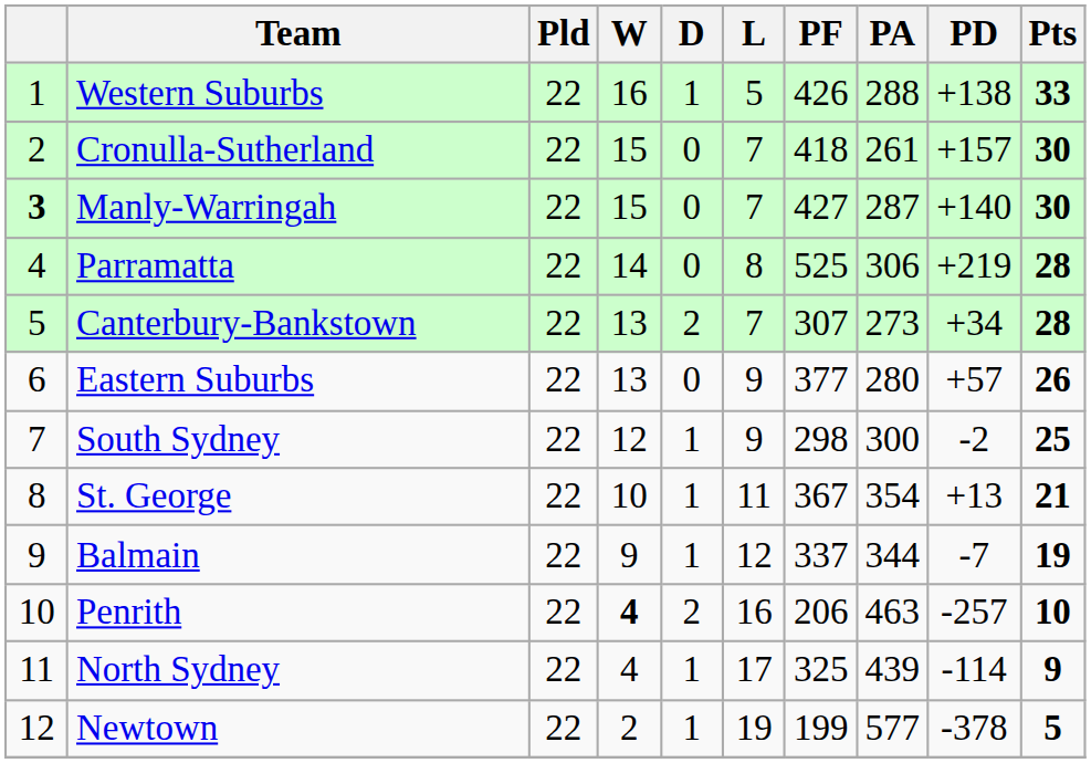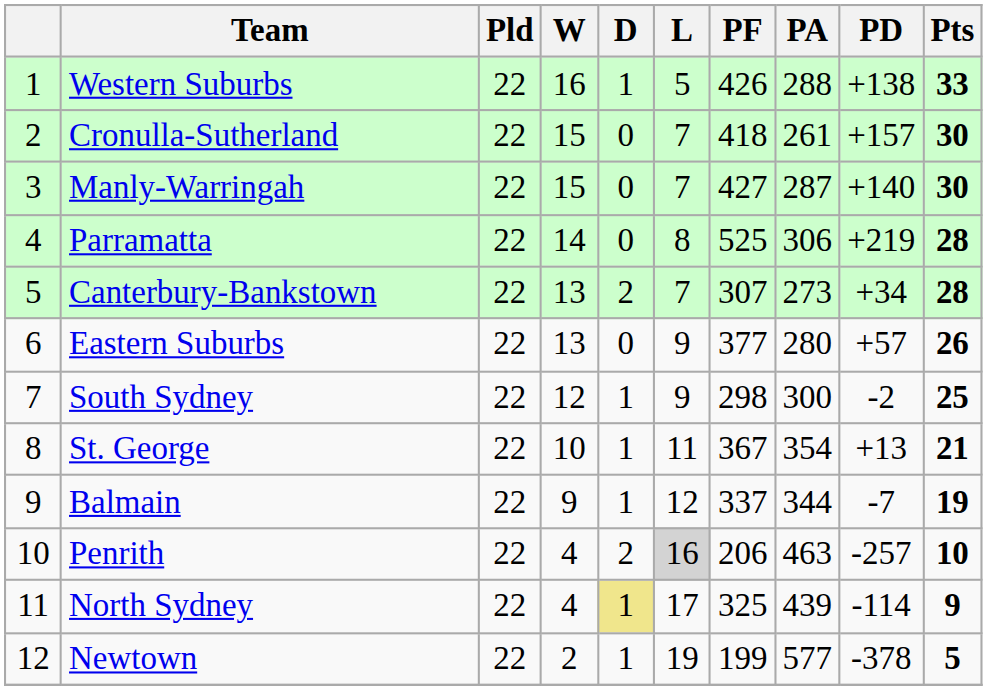 <table class="wikitable" style="text-align:center;">
 <tr>
 <th width=20 abbr="Position×"></th>
 <th width=195>Team</th>
 <th width=20 abbr="Played">Pld</th>
 <th width=20 abbr="Won">W</th>
 <th width=20 abbr="Drawn">D</th>
 <th width=20 abbr="Lost">L</th>
 <th width=20 abbr="Points for">PF</th>
 <th width=20 abbr="Points against">PA</th>
 <th width=20 abbr="Points difference">PD</th>
 <th width=20 abbr="Points">Pts</th>
 </tr>
 <tr style="background: #ccffcc;">
 <td>1</td>
 <td style="text-align:left;"> <a href='#'>Western Suburbs</a></td>
 <td>22</td>
 <td>16</td>
 <td>1</td>
 <td>5</td>
 <td>426</td>
 <td>288</td>
 <td>+138</td>
 <td><strong>33</strong></td>
 </tr>
 <tr style="background: #ccffcc;">
 <td>2</td>
 <td style="text-align:left;"> <a href='#'>Cronulla-Sutherland</a></td>
 <td>22</td>
 <td>15</td>
 <td>0</td>
 <td>7</td>
 <td>418</td>
 <td>261</td>
 <td>+157</td>
 <td><strong>30</strong></td>
 </tr>
 <tr style="background: #ccffcc;">
-<td><strong>3</strong></td>
+<td>3</td>
 <td style="text-align:left;"> <a href='#'>Manly-Warringah</a></td>
 <td>22</td>
 <td>15</td>
 <td>0</td>
 <td>7</td>
 <td>427</td>
 <td>287</td>
 <td>+140</td>
 <td><strong>30</strong></td>
 </tr>
 <tr style="background: #ccffcc;">
 <td>4</td>
 <td style="text-align:left;"> <a href='#'>Parramatta</a></td>
 <td>22</td>
 <td>14</td>
 <td>0</td>
 <td>8</td>
 <td>525</td>
 <td>306</td>
 <td>+219</td>
 <td><strong>28</strong></td>
 </tr>
 <tr style="background: #ccffcc;">
 <td>5</td>
 <td style="text-align:left;"> <a href='#'>Canterbury-Bankstown</a></td>
 <td>22</td>
 <td>13</td>
 <td>2</td>
 <td>7</td>
 <td>307</td>
 <td>273</td>
 <td>+34</td>
 <td><strong>28</strong></td>
 </tr>
 <tr>
 <td>6</td>
 <td style="text-align:left;"> <a href='#'>Eastern Suburbs</a></td>
 <td>22</td>
 <td>13</td>
 <td>0</td>
 <td>9</td>
 <td>377</td>
 <td>280</td>
 <td>+57</td>
 <td><strong>26</strong></td>
 </tr>
 <tr>
 <td>7</td>
 <td style="text-align:left;"> <a href='#'>South Sydney</a></td>
 <td>22</td>
 <td>12</td>
 <td>1</td>
 <td>9</td>
 <td>298</td>
 <td>300</td>
 <td>-2</td>
 <td><strong>25</strong></td>
 </tr>
 <tr>
 <td>8</td>
 <td style="text-align:left;"> <a href='#'>St. George</a></td>
 <td>22</td>
 <td>10</td>
 <td>1</td>
 <td>11</td>
 <td>367</td>
 <td>354</td>
 <td>+13</td>
 <td><strong>21</strong></td>
 </tr>
 <tr>
 <td>9</td>
 <td style="text-align:left;"> <a href='#'>Balmain</a></td>
 <td>22</td>
 <td>9</td>
 <td>1</td>
 <td>12</td>
 <td>337</td>
 <td>344</td>
 <td>-7</td>
 <td><strong>19</strong></td>
 </tr>
 <tr>
 <td>10</td>
 <td style="text-align:left;"> <a href='#'>Penrith</a></td>
 <td>22</td>
-<td><strong>4</strong></td>
+<td>4</td>
 <td>2</td>
-<td>16</td>
+<td style="background: lightgrey;">16</td>
 <td>206</td>
 <td>463</td>
 <td>-257</td>
 <td><strong>10</strong></td>
 </tr>
 <tr>
 <td>11</td>
 <td style="text-align:left;"> <a href='#'>North Sydney</a></td>
 <td>22</td>
 <td>4</td>
-<td>1</td>
+<td style="background: khaki;">1</td>
 <td>17</td>
 <td>325</td>
 <td>439</td>
 <td>-114</td>
 <td><strong>9</strong></td>
 </tr>
 <tr>
 <td>12</td>
 <td style="text-align:left;"> <a href='#'>Newtown</a></td>
 <td>22</td>
 <td>2</td>
 <td>1</td>
 <td>19</td>
 <td>199</td>
 <td>577</td>
 <td>-378</td>
 <td><strong>5</strong></td>
 </tr>
 <tr>
 </tr>
 </table>
